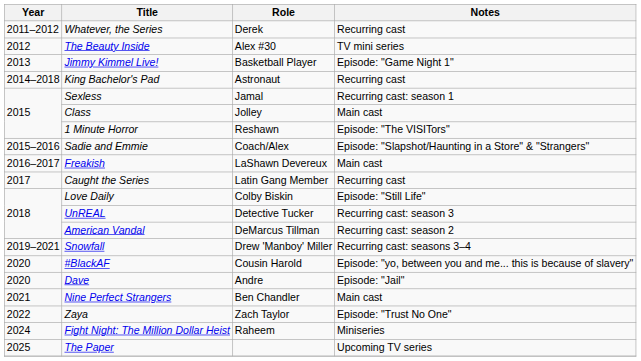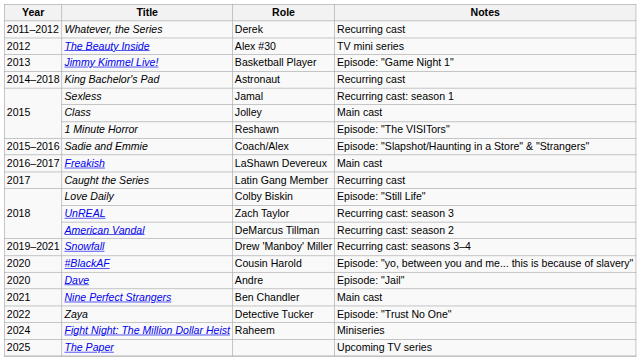 <table class="wikitable sortable">
 <tr>
 <th>Year</th>
 <th>Title</th>
 <th>Role</th>
 <th class="unsortable">Notes</th>
 </tr>
 <tr>
 <td>2011–2012</td>
 <td><em>Whatever, the Series</em></td>
 <td>Derek</td>
 <td>Recurring cast</td>
 </tr>
 <tr>
 <td>2012</td>
 <td><em><a href='#'>The Beauty Inside</a></em></td>
 <td>Alex #30</td>
 <td>TV mini series</td>
 </tr>
 <tr>
 <td>2013</td>
 <td><em><a href='#'>Jimmy Kimmel Live!</a></em></td>
 <td>Basketball Player</td>
 <td>Episode: "Game Night 1"</td>
 </tr>
 <tr>
 <td>2014–2018</td>
 <td><em>King Bachelor's Pad</em></td>
 <td>Astronaut</td>
 <td>Recurring cast</td>
 </tr>
 <tr>
 <td rowspan="3">2015</td>
 <td><em>Sexless</em></td>
 <td>Jamal</td>
 <td>Recurring cast: season 1</td>
 </tr>
 <tr>
 <td><em>Class</em></td>
 <td>Jolley</td>
 <td>Main cast</td>
 </tr>
 <tr>
 <td><em>1 Minute Horror</em></td>
 <td>Reshawn</td>
 <td>Episode: "The VISITors"</td>
 </tr>
 <tr>
 <td>2015–2016</td>
 <td><em>Sadie and Emmie</em></td>
 <td>Coach/Alex</td>
 <td>Episode: "Slapshot/Haunting in a Store" & "Strangers"</td>
 </tr>
 <tr>
 <td>2016–2017</td>
 <td><em><a href='#'>Freakish</a></em></td>
 <td>LaShawn Devereux</td>
 <td>Main cast </td>
 </tr>
 <tr>
 <td>2017</td>
 <td><em>Caught the Series</em></td>
 <td>Latin Gang Member</td>
 <td>Recurring cast</td>
 </tr>
 <tr>
 <td rowspan="3">2018</td>
 <td><em>Love Daily</em></td>
 <td>Colby Biskin</td>
 <td>Episode: "Still Life"</td>
 </tr>
 <tr>
 <td><em><a href='#'>UnREAL</a></em></td>
-<td>Detective Tucker</td>
+<td>Zach Taylor</td>
 <td>Recurring cast: season 3</td>
 </tr>
 <tr>
 <td><em><a href='#'>American Vandal</a></em></td>
 <td>DeMarcus Tillman</td>
 <td>Recurring cast: season 2 </td>
 </tr>
 <tr>
 <td>2019–2021</td>
 <td><em><a href='#'>Snowfall</a></em></td>
 <td>Drew 'Manboy' Miller</td>
 <td>Recurring cast: seasons 3–4</td>
 </tr>
 <tr>
 <td>2020</td>
 <td><em><a href='#'>#BlackAF</a></em></td>
 <td>Cousin Harold</td>
 <td>Episode: "yo, between you and me... this is because of slavery"</td>
 </tr>
 <tr>
 <td>2020</td>
 <td><em><a href='#'>Dave</a></em></td>
 <td>Andre</td>
 <td>Episode: "Jail"</td>
 </tr>
 <tr>
 <td>2021</td>
 <td><em><a href='#'>Nine Perfect Strangers</a></em></td>
 <td>Ben Chandler</td>
 <td>Main cast</td>
 </tr>
 <tr>
 <td>2022</td>
 <td><em>Zaya</em></td>
-<td>Zach Taylor</td>
+<td>Detective Tucker</td>
 <td>Episode: "Trust No One"</td>
 </tr>
 <tr>
 <td>2024</td>
 <td><em><a href='#'>Fight Night: The Million Dollar Heist</a></em></td>
 <td>Raheem</td>
 <td>Miniseries</td>
 </tr>
 <tr>
 <td>2025</td>
 <td><em><a href='#'>The Paper</a></em></td>
 <td></td>
 <td>Upcoming TV series</td>
 </tr>
 <tr>
 </tr>
 </table>
